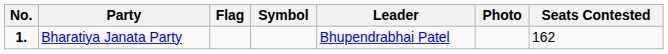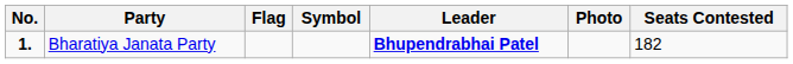 <table class="wikitable" width="60%">
 <tr>
 <th>No.</th>
 <th>Party</th>
 <th>Flag</th>
 <th>Symbol</th>
 <th>Leader</th>
 <th>Photo</th>
 <th>Seats Contested</th>
 </tr>
 <tr>
 <td style="text-align:center; background:"><strong>1.</strong></td>
 <td><a href='#'>Bharatiya Janata Party</a></td>
 <td></td>
 <td></td>
-<td><a href='#'>Bhupendrabhai Patel</a></td>
+<td><strong><a href='#'>Bhupendrabhai Patel</a></strong></td>
 <td></td>
-<td>162</td>
+<td>182</td>
 </tr>
 </table>
